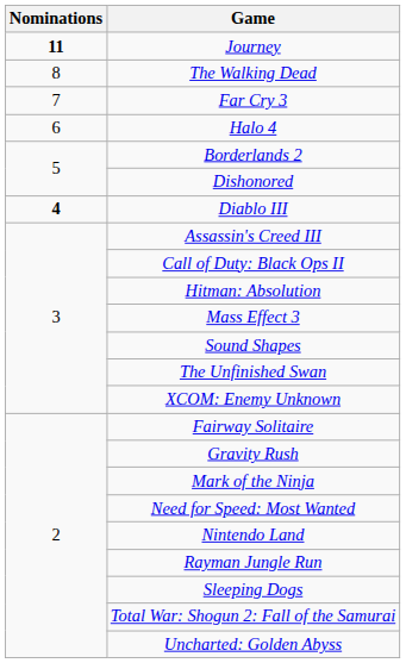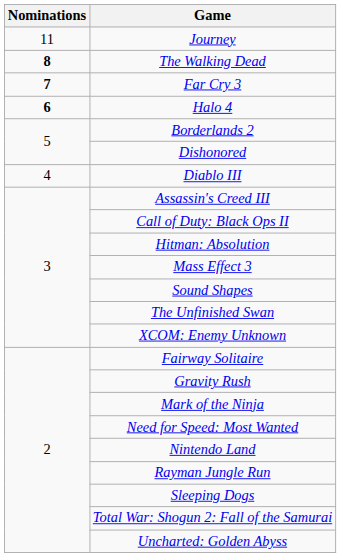 <table class="wikitable floatleft" rowspan="2" style="text-align:center;" background: #f6e39c;>
 <tr>
 <th scope="col">Nominations</th>
 <th scope="col">Game</th>
 </tr>
 <tr>
-<td><strong>11</strong></td>
+<td>11</td>
 <td><em><a href='#'>Journey</a></em></td>
 </tr>
 <tr>
-<td>8</td>
+<td><strong>8</strong></td>
 <td><em><a href='#'>The Walking Dead</a></em></td>
 </tr>
 <tr>
-<td>7</td>
+<td><strong>7</strong></td>
 <td><em><a href='#'>Far Cry 3</a></em></td>
 </tr>
 <tr>
-<td>6</td>
+<td><strong>6</strong></td>
 <td><em><a href='#'>Halo 4</a></em></td>
 </tr>
 <tr>
 <td rowspan=2>5</td>
 <td><em><a href='#'>Borderlands 2</a></em></td>
 </tr>
 <tr>
 <td><em><a href='#'>Dishonored</a></em></td>
 </tr>
 <tr>
-<td><strong>4</strong></td>
+<td>4</td>
 <td><em><a href='#'>Diablo III</a></em></td>
 </tr>
 <tr>
 <td rowspan=7>3</td>
 <td><em><a href='#'>Assassin's Creed III</a></em></td>
 </tr>
 <tr>
 <td><em><a href='#'>Call of Duty: Black Ops II</a></em></td>
 </tr>
 <tr>
 <td><em><a href='#'>Hitman: Absolution</a></em></td>
 </tr>
 <tr>
 <td><em><a href='#'>Mass Effect 3</a></em></td>
 </tr>
 <tr>
 <td><em><a href='#'>Sound Shapes</a></em></td>
 </tr>
 <tr>
 <td><em><a href='#'>The Unfinished Swan</a></em></td>
 </tr>
 <tr>
 <td><em><a href='#'>XCOM: Enemy Unknown</a></em></td>
 </tr>
 <tr>
 <td rowspan=9>2</td>
 <td><em><a href='#'>Fairway Solitaire</a></em></td>
 </tr>
 <tr>
 <td><em><a href='#'>Gravity Rush</a></em></td>
 </tr>
 <tr>
 <td><em><a href='#'>Mark of the Ninja</a></em></td>
 </tr>
 <tr>
 <td><em><a href='#'>Need for Speed: Most Wanted</a></em></td>
 </tr>
 <tr>
 <td><em><a href='#'>Nintendo Land</a></em></td>
 </tr>
 <tr>
 <td><em><a href='#'>Rayman Jungle Run</a></em></td>
 </tr>
 <tr>
 <td><em><a href='#'>Sleeping Dogs</a></em></td>
 </tr>
 <tr>
 <td><em><a href='#'>Total War: Shogun 2: Fall of the Samurai</a></em></td>
 </tr>
 <tr>
 <td><em><a href='#'>Uncharted: Golden Abyss</a></em></td>
 </tr>
 </table>
